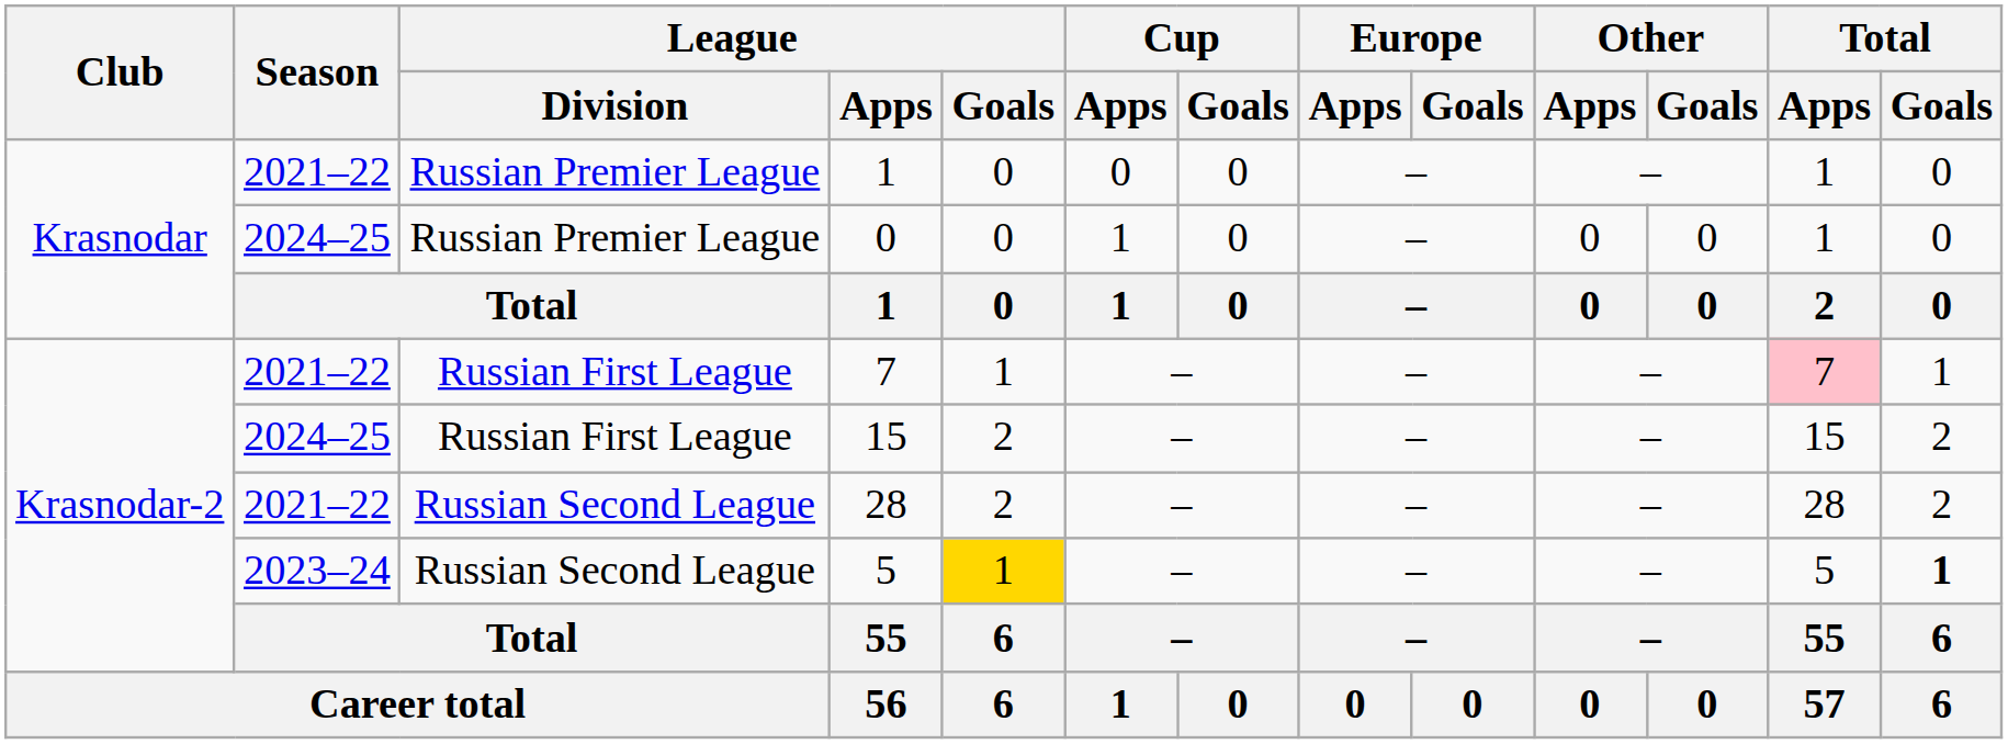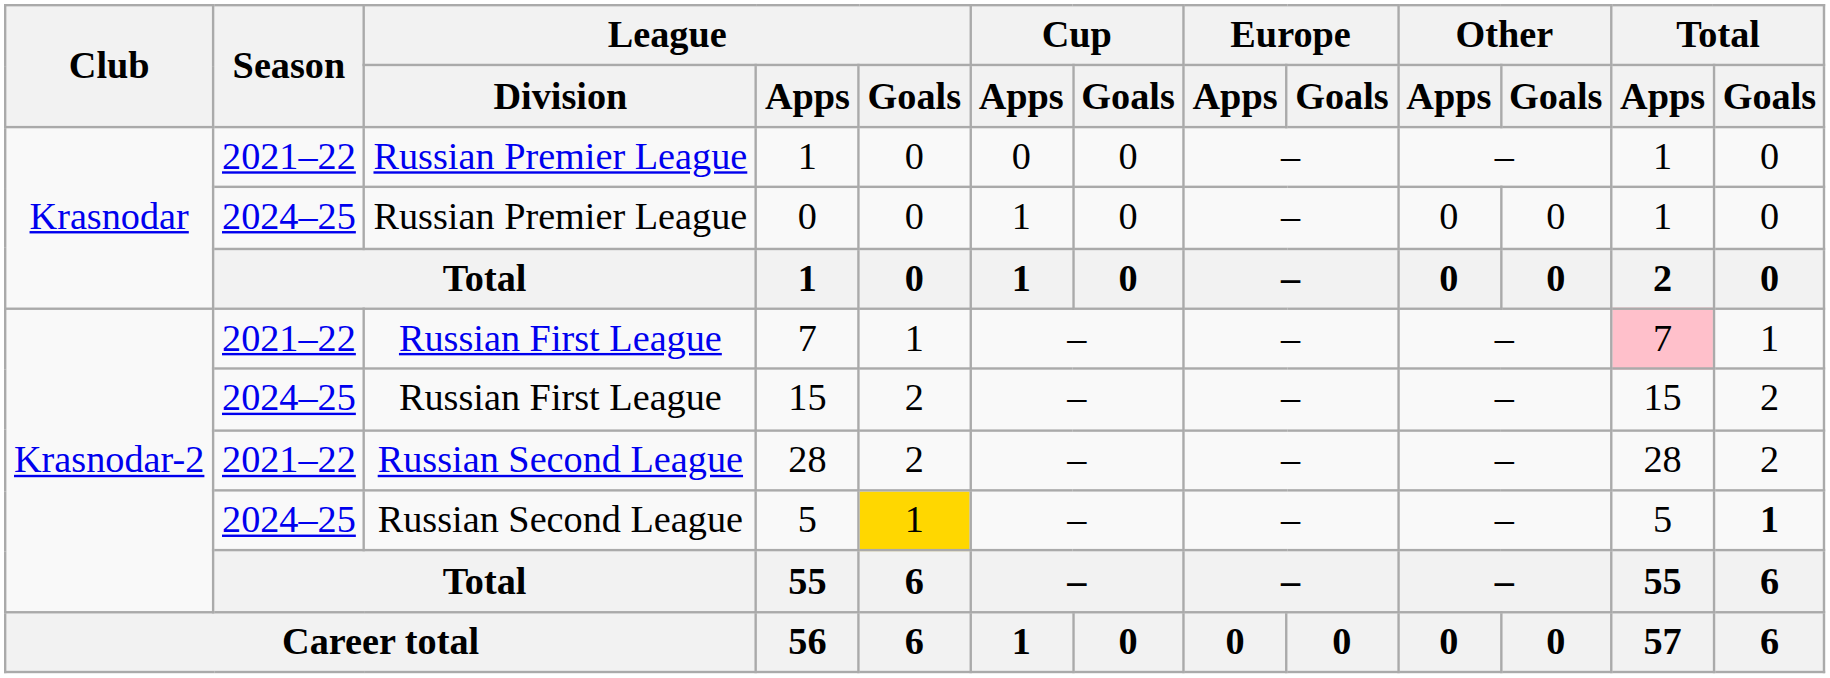 <table class="wikitable" style="text-align: center;">
 <tr>
 <th rowspan=2>Club</th>
 <th rowspan=2>Season</th>
 <th colspan=3>League</th>
 <th colspan=2>Cup</th>
 <th colspan=2>Europe</th>
 <th colspan=2>Other</th>
 <th colspan=2>Total</th>
 </tr>
 <tr>
 <th>Division</th>
 <th>Apps</th>
 <th>Goals</th>
 <th>Apps</th>
 <th>Goals</th>
 <th>Apps</th>
 <th>Goals</th>
 <th>Apps</th>
 <th>Goals</th>
 <th>Apps</th>
 <th>Goals</th>
 </tr>
 <tr>
 <td rowspan="3"><a href='#'>Krasnodar</a></td>
 <td><a href='#'>2021–22</a></td>
 <td><a href='#'>Russian Premier League</a></td>
 <td>1</td>
 <td>0</td>
 <td>0</td>
 <td>0</td>
 <td colspan=2>–</td>
 <td colspan=2>–</td>
 <td>1</td>
 <td>0</td>
 </tr>
 <tr>
 <td><a href='#'>2024–25</a></td>
 <td>Russian Premier League</td>
 <td>0</td>
 <td>0</td>
 <td>1</td>
 <td>0</td>
 <td colspan=2>–</td>
 <td>0</td>
 <td>0</td>
 <td>1</td>
 <td>0</td>
 </tr>
 <tr>
 <th colspan=2>Total</th>
 <th>1</th>
 <th>0</th>
 <th>1</th>
 <th>0</th>
 <th colspan=2>–</th>
 <th>0</th>
 <th>0</th>
 <th>2</th>
 <th>0</th>
 </tr>
 <tr>
 <td rowspan="5"><a href='#'>Krasnodar-2</a></td>
 <td><a href='#'>2021–22</a></td>
 <td><a href='#'>Russian First League</a></td>
 <td>7</td>
 <td>1</td>
 <td colspan=2>–</td>
 <td colspan=2>–</td>
 <td colspan=2>–</td>
 <td style="background: pink;">7</td>
 <td>1</td>
 </tr>
 <tr>
 <td><a href='#'>2024–25</a></td>
 <td>Russian First League</td>
 <td>15</td>
 <td>2</td>
 <td colspan=2>–</td>
 <td colspan=2>–</td>
 <td colspan=2>–</td>
 <td>15</td>
 <td>2</td>
 </tr>
 <tr>
 <td><a href='#'>2021–22</a></td>
 <td><a href='#'>Russian Second League</a></td>
 <td>28</td>
 <td>2</td>
 <td colspan=2>–</td>
 <td colspan=2>–</td>
 <td colspan=2>–</td>
 <td>28</td>
 <td>2</td>
 </tr>
 <tr>
-<td><a href='#'>2023–24</a></td>
+<td><a href='#'>2024–25</a></td>
 <td>Russian Second League</td>
 <td>5</td>
 <td style="background: gold;">1</td>
 <td colspan=2>–</td>
 <td colspan=2>–</td>
 <td colspan=2>–</td>
 <td>5</td>
 <td><strong>1</strong></td>
 </tr>
 <tr>
 <th colspan=2>Total</th>
 <th>55</th>
 <th>6</th>
 <th colspan=2>–</th>
 <th colspan=2>–</th>
 <th colspan=2>–</th>
 <th>55</th>
 <th>6</th>
 </tr>
 <tr>
 <th colspan=3>Career total</th>
 <th>56</th>
 <th>6</th>
 <th>1</th>
 <th>0</th>
 <th>0</th>
 <th>0</th>
 <th>0</th>
 <th>0</th>
 <th>57</th>
 <th>6</th>
 </tr>
 </table>
